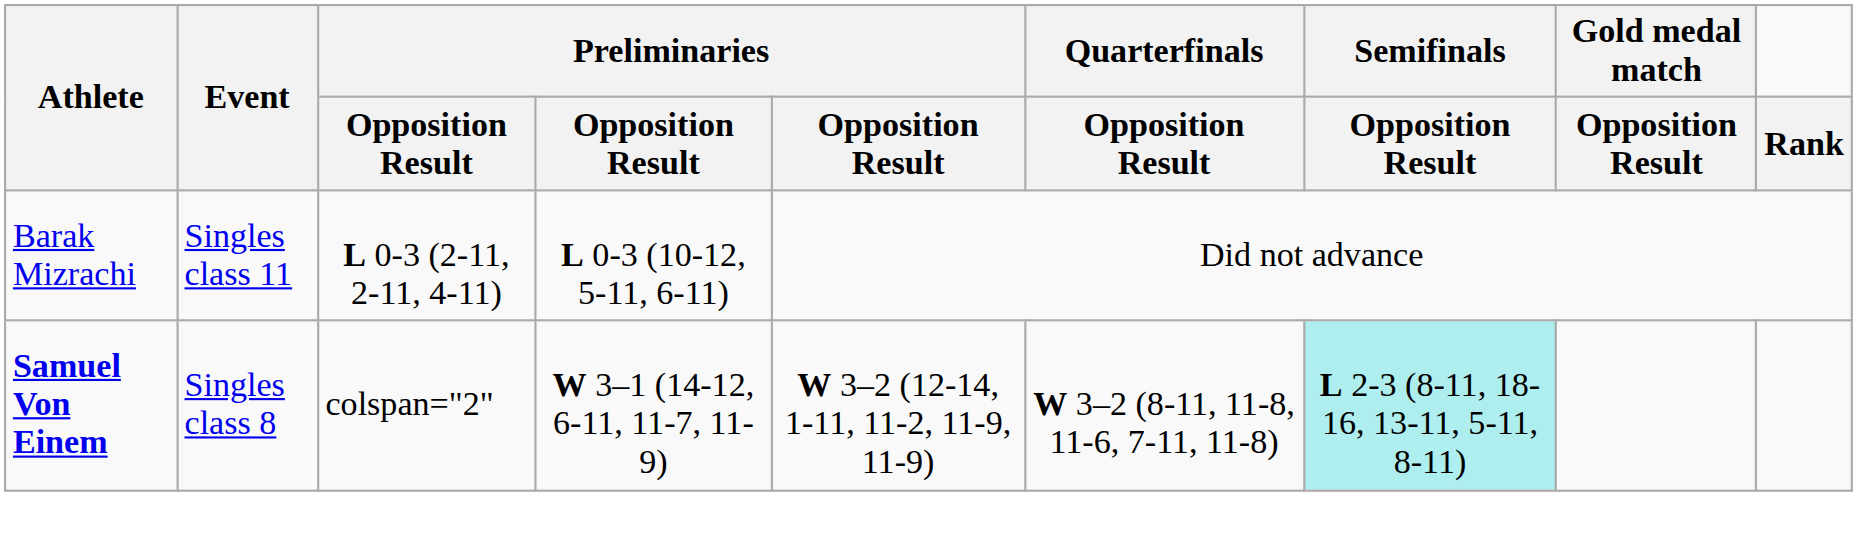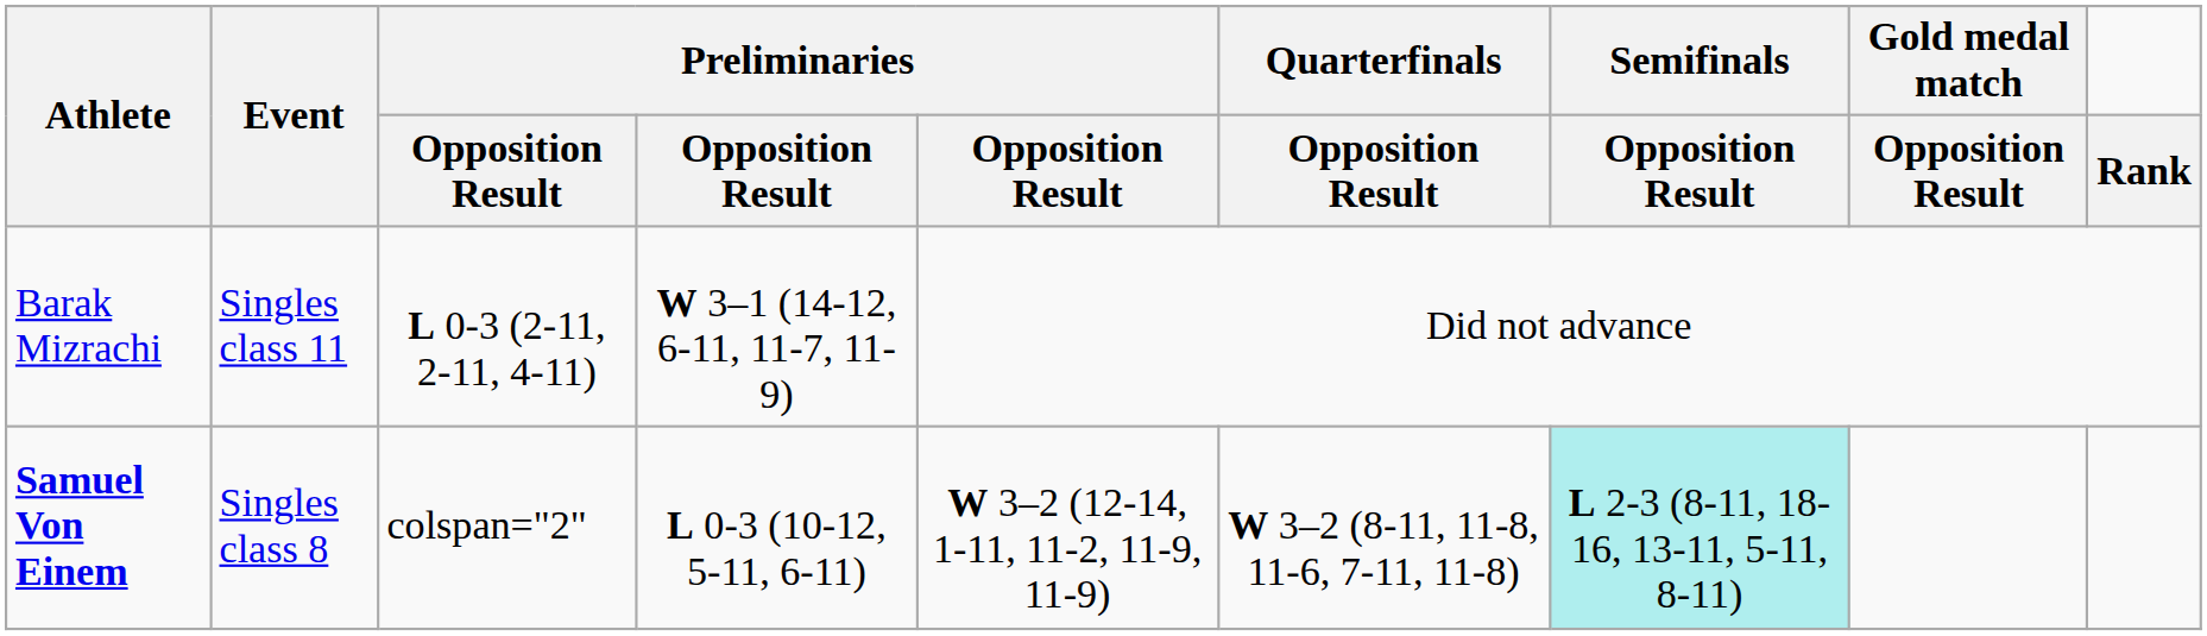 <table class=wikitable>
 <tr>
 <th rowspan="2">Athlete</th>
 <th rowspan="2">Event</th>
 <th colspan="3">Preliminaries</th>
 <th>Quarterfinals</th>
 <th>Semifinals</th>
 <th>Gold medal match</th>
 </tr>
 <tr>
 <th>Opposition<br>Result</th>
 <th>Opposition<br>Result</th>
 <th>Opposition<br>Result</th>
 <th>Opposition<br>Result</th>
 <th>Opposition<br>Result</th>
 <th>Opposition<br>Result</th>
 <th>Rank</th>
 </tr>
 <tr>
 <td><a href='#'>Barak Mizrachi</a></td>
 <td><a href='#'>Singles class 11</a></td>
 <td align="center"><br><strong>L</strong> 0-3 (2-11, 2-11, 4-11)</td>
-<td align="center"><br><strong>L</strong> 0-3 (10-12, 5-11, 6-11)</td>
+<td align="center"><br><strong>W</strong> 3–1 (14-12, 6-11, 11-7, 11-9)</td>
 <td align="center" colspan=5>Did not advance</td>
 </tr>
 <tr>
 <td><strong><a href='#'>Samuel Von Einem</a></strong></td>
 <td><a href='#'>Singles class 8</a></td>
 <td>colspan="2" </td>
-<td align="center"><br><strong>W</strong> 3–1 (14-12, 6-11, 11-7, 11-9)</td>
+<td align="center"><br><strong>L</strong> 0-3 (10-12, 5-11, 6-11)</td>
 <td align="center"><br><strong>W</strong> 3–2 (12-14, 1-11, 11-2, 11-9, 11-9)</td>
 <td align="center"><br><strong>W</strong> 3–2 (8-11, 11-8, 11-6, 7-11, 11-8)</td>
 <td align="center" style="background: paleturquoise;"> <br> <strong>L</strong> 2-3 (8-11, 18-16, 13-11, 5-11, 8-11)</td>
 <td align="center"></td>
 </tr>
 </table>
